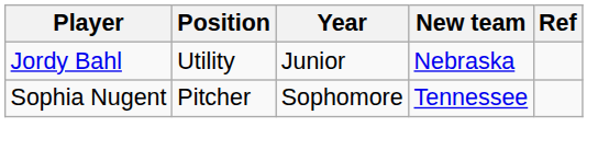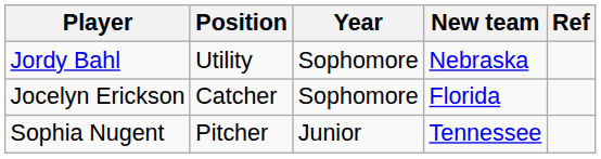 <table class="wikitable sortable">
 <tr>
 <th style="text-align:center; ">Player</th>
 <th style="text-align:center; ">Position</th>
 <th style="text-align:center; ">Year</th>
 <th style="text-align:center; ">New team</th>
 <th style="text-align:center; ">Ref</th>
 </tr>
 <tr>
 <td><a href='#'>Jordy Bahl</a></td>
 <td>Utility</td>
-<td>Junior</td>
+<td>Sophomore</td>
 <td><a href='#'>Nebraska</a></td>
+<td></td>
+</tr>
+<tr>
+<td>Jocelyn Erickson</td>
+<td>Catcher</td>
+<td>Sophomore</td>
+<td><a href='#'>Florida</a></td>
 <td></td>
 </tr>
 <tr>
 <td>Sophia Nugent</td>
 <td>Pitcher</td>
-<td>Sophomore</td>
+<td>Junior</td>
 <td><a href='#'>Tennessee</a></td>
 <td></td>
 </tr>
 </table>
